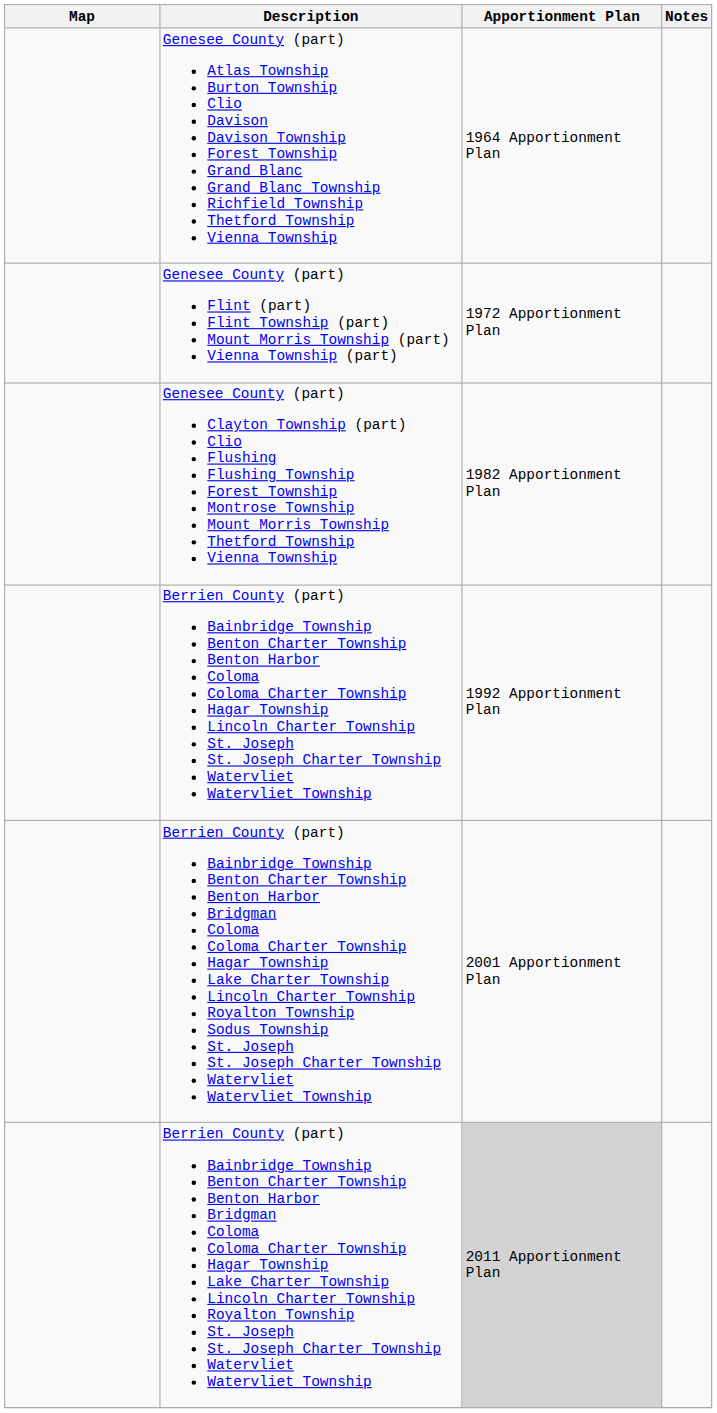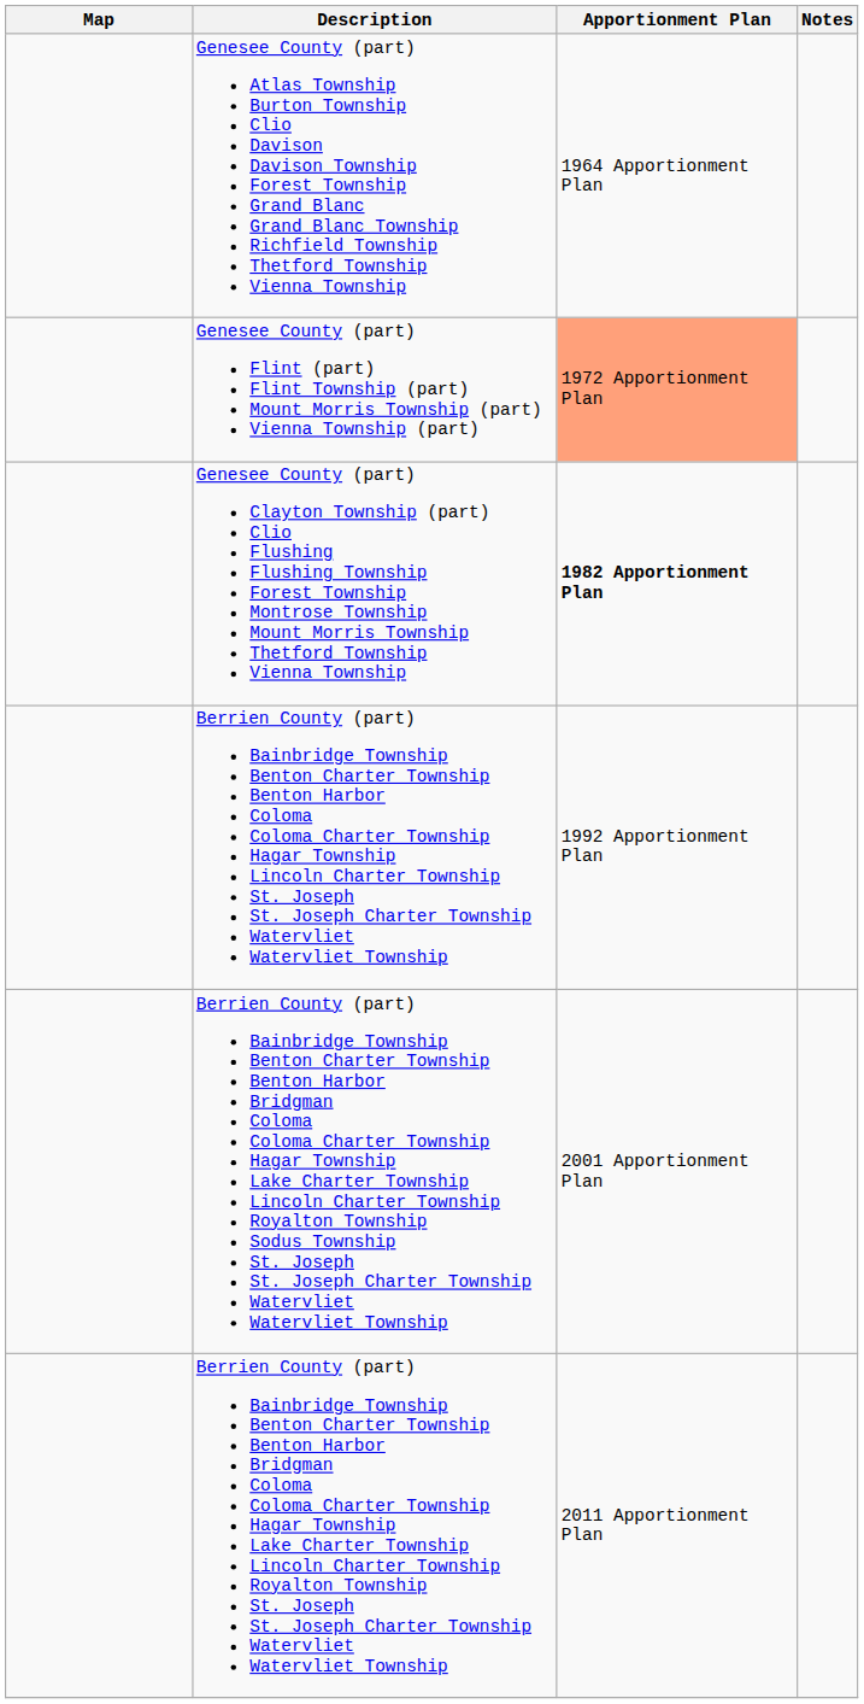 <table class="wikitable sortable">
 <tr>
 <th style="width:100pt;">Map</th>
 <th style="width:200pt;">Description</th>
 <th style="width:130pt;">Apportionment Plan</th>
 <th style="width:15pt;">Notes</th>
 </tr>
 <tr>
 <td></td>
 <td><a href='#'>Genesee County</a> (part)<br><ul><li><a href='#'>Atlas Township</a></li><li><a href='#'>Burton Township</a></li><li><a href='#'>Clio</a></li><li><a href='#'>Davison</a></li><li><a href='#'>Davison Township</a></li><li><a href='#'>Forest Township</a></li><li><a href='#'>Grand Blanc</a></li><li><a href='#'>Grand Blanc Township</a></li><li><a href='#'>Richfield Township</a></li><li><a href='#'>Thetford Township</a></li><li><a href='#'>Vienna Township</a></li></ul></td>
 <td>1964 Apportionment Plan</td>
 <td></td>
 </tr>
 <tr>
 <td></td>
 <td><a href='#'>Genesee County</a> (part)<br><ul><li><a href='#'>Flint</a> (part)</li><li><a href='#'>Flint Township</a> (part)</li><li><a href='#'>Mount Morris Township</a> (part)</li><li><a href='#'>Vienna Township</a> (part)</li></ul></td>
-<td>1972 Apportionment Plan</td>
+<td style="background: lightsalmon;">1972 Apportionment Plan</td>
 <td></td>
 </tr>
 <tr>
 <td></td>
 <td><a href='#'>Genesee County</a> (part)<br><ul><li><a href='#'>Clayton Township</a> (part)</li><li><a href='#'>Clio</a></li><li><a href='#'>Flushing</a></li><li><a href='#'>Flushing Township</a></li><li><a href='#'>Forest Township</a></li><li><a href='#'>Montrose Township</a></li><li><a href='#'>Mount Morris Township</a></li><li><a href='#'>Thetford Township</a></li><li><a href='#'>Vienna Township</a></li></ul></td>
-<td>1982 Apportionment Plan</td>
+<td><strong>1982 Apportionment Plan</strong></td>
 <td></td>
 </tr>
 <tr>
 <td></td>
 <td><a href='#'>Berrien County</a> (part)<br><ul><li><a href='#'>Bainbridge Township</a></li><li><a href='#'>Benton Charter Township</a></li><li><a href='#'>Benton Harbor</a></li><li><a href='#'>Coloma</a></li><li><a href='#'>Coloma Charter Township</a></li><li><a href='#'>Hagar Township</a></li><li><a href='#'>Lincoln Charter Township</a></li><li><a href='#'>St. Joseph</a></li><li><a href='#'>St. Joseph Charter Township</a></li><li><a href='#'>Watervliet</a></li><li><a href='#'>Watervliet Township</a></li></ul></td>
 <td>1992 Apportionment Plan</td>
 <td></td>
 </tr>
 <tr>
 <td></td>
 <td><a href='#'>Berrien County</a> (part)<br><ul><li><a href='#'>Bainbridge Township</a></li><li><a href='#'>Benton Charter Township</a></li><li><a href='#'>Benton Harbor</a></li><li><a href='#'>Bridgman</a></li><li><a href='#'>Coloma</a></li><li><a href='#'>Coloma Charter Township</a></li><li><a href='#'>Hagar Township</a></li><li><a href='#'>Lake Charter Township</a></li><li><a href='#'>Lincoln Charter Township</a></li><li><a href='#'>Royalton Township</a></li><li><a href='#'>Sodus Township</a></li><li><a href='#'>St. Joseph</a></li><li><a href='#'>St. Joseph Charter Township</a></li><li><a href='#'>Watervliet</a></li><li><a href='#'>Watervliet Township</a></li></ul></td>
 <td>2001 Apportionment Plan</td>
 <td></td>
 </tr>
 <tr>
 <td></td>
 <td><a href='#'>Berrien County</a> (part)<br><ul><li><a href='#'>Bainbridge Township</a></li><li><a href='#'>Benton Charter Township</a></li><li><a href='#'>Benton Harbor</a></li><li><a href='#'>Bridgman</a></li><li><a href='#'>Coloma</a></li><li><a href='#'>Coloma Charter Township</a></li><li><a href='#'>Hagar Township</a></li><li><a href='#'>Lake Charter Township</a></li><li><a href='#'>Lincoln Charter Township</a></li><li><a href='#'>Royalton Township</a></li><li><a href='#'>St. Joseph</a></li><li><a href='#'>St. Joseph Charter Township</a></li><li><a href='#'>Watervliet</a></li><li><a href='#'>Watervliet Township</a></li></ul></td>
-<td style="background: lightgrey;">2011 Apportionment Plan</td>
+<td>2011 Apportionment Plan</td>
 <td></td>
 </tr>
 <tr>
 </tr>
 </table>
